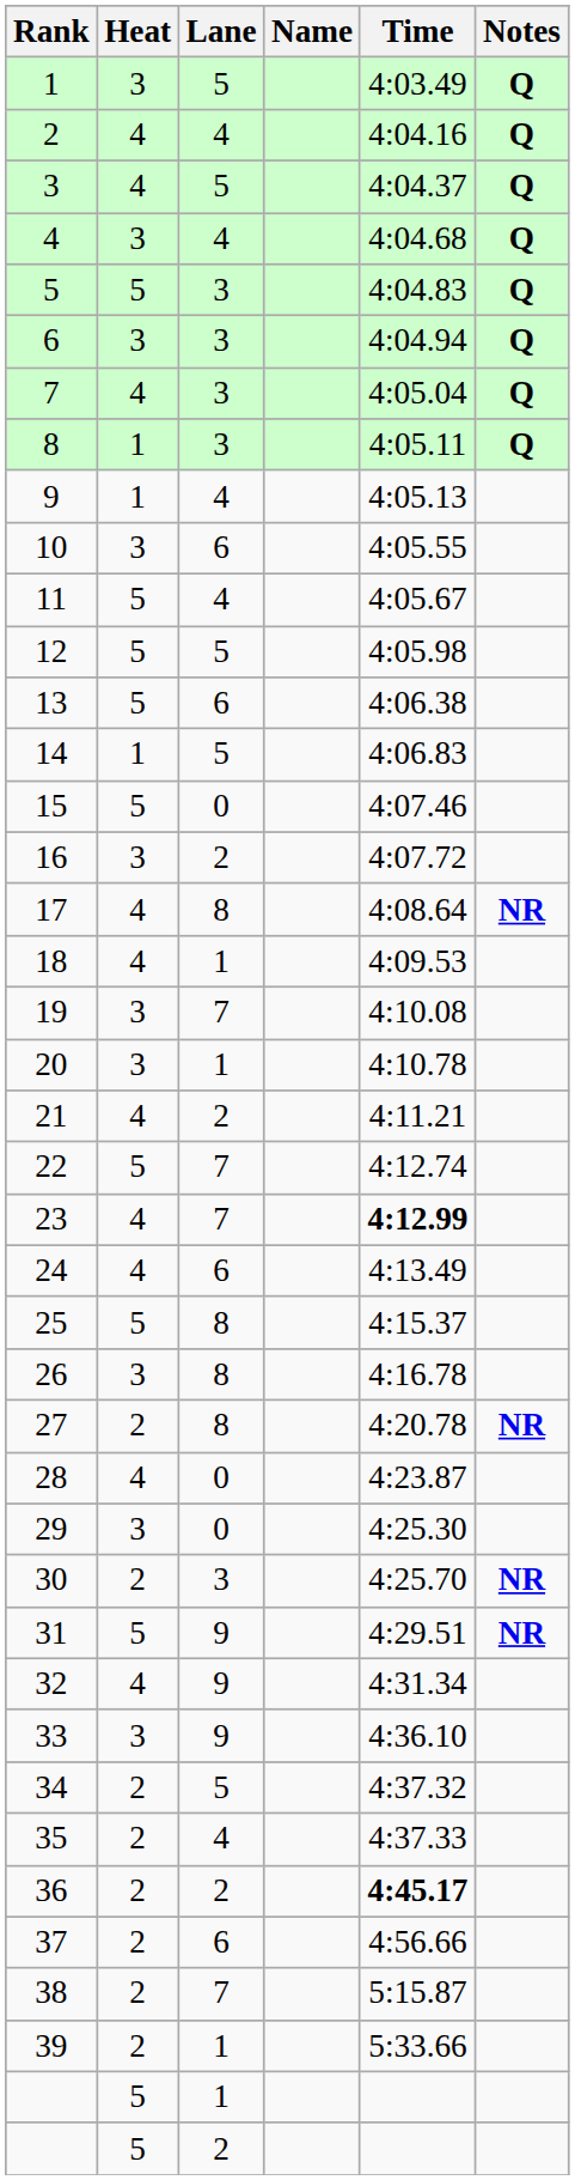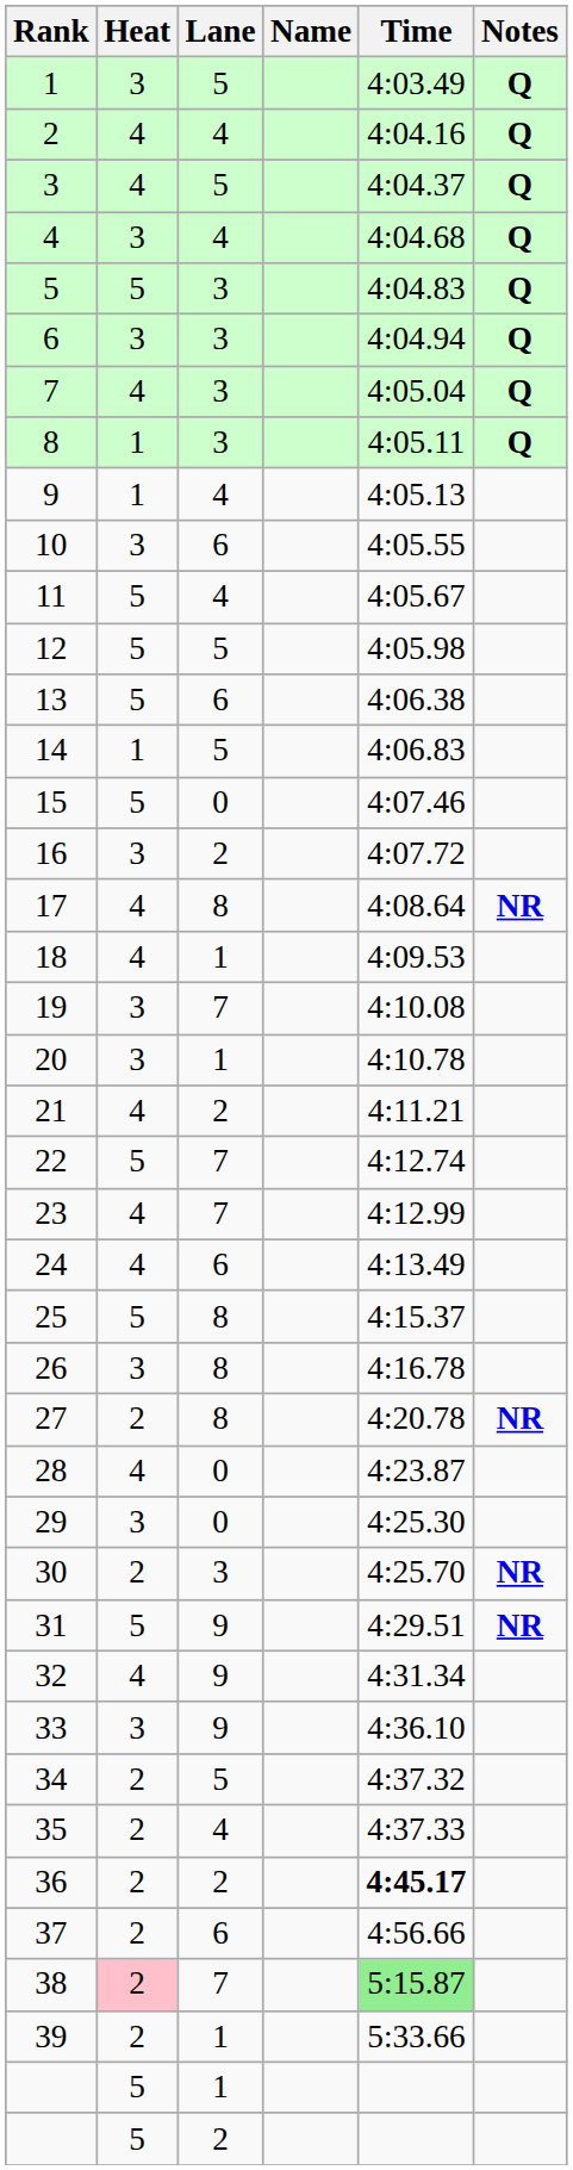 <table class="wikitable sortable" style="text-align:center">
 <tr>
 <th>Rank</th>
 <th>Heat</th>
 <th>Lane</th>
 <th>Name</th>
 <th>Time</th>
 <th>Notes</th>
 </tr>
 <tr bgcolor=ccffcc>
 <td>1</td>
 <td>3</td>
 <td>5</td>
 <td align=left></td>
 <td>4:03.49</td>
 <td><strong>Q</strong></td>
 </tr>
 <tr bgcolor=ccffcc>
 <td>2</td>
 <td>4</td>
 <td>4</td>
 <td align=left></td>
 <td>4:04.16</td>
 <td><strong>Q</strong></td>
 </tr>
 <tr bgcolor=ccffcc>
 <td>3</td>
 <td>4</td>
 <td>5</td>
 <td align=left></td>
 <td>4:04.37</td>
 <td><strong>Q</strong></td>
 </tr>
 <tr bgcolor=ccffcc>
 <td>4</td>
 <td>3</td>
 <td>4</td>
 <td align=left></td>
 <td>4:04.68</td>
 <td><strong>Q</strong></td>
 </tr>
 <tr bgcolor=ccffcc>
 <td>5</td>
 <td>5</td>
 <td>3</td>
 <td align=left></td>
 <td>4:04.83</td>
 <td><strong>Q</strong></td>
 </tr>
 <tr bgcolor=ccffcc>
 <td>6</td>
 <td>3</td>
 <td>3</td>
 <td align=left></td>
 <td>4:04.94</td>
 <td><strong>Q</strong></td>
 </tr>
 <tr bgcolor=ccffcc>
 <td>7</td>
 <td>4</td>
 <td>3</td>
 <td align=left></td>
 <td>4:05.04</td>
 <td><strong>Q</strong></td>
 </tr>
 <tr bgcolor=ccffcc>
 <td>8</td>
 <td>1</td>
 <td>3</td>
 <td align=left></td>
 <td>4:05.11</td>
 <td><strong>Q</strong></td>
 </tr>
 <tr>
 <td>9</td>
 <td>1</td>
 <td>4</td>
 <td align=left></td>
 <td>4:05.13</td>
 <td></td>
 </tr>
 <tr>
 <td>10</td>
 <td>3</td>
 <td>6</td>
 <td align=left></td>
 <td>4:05.55</td>
 <td></td>
 </tr>
 <tr>
 <td>11</td>
 <td>5</td>
 <td>4</td>
 <td align=left></td>
 <td>4:05.67</td>
 <td></td>
 </tr>
 <tr>
 <td>12</td>
 <td>5</td>
 <td>5</td>
 <td align=left></td>
 <td>4:05.98</td>
 <td></td>
 </tr>
 <tr>
 <td>13</td>
 <td>5</td>
 <td>6</td>
 <td align=left></td>
 <td>4:06.38</td>
 <td></td>
 </tr>
 <tr>
 <td>14</td>
 <td>1</td>
 <td>5</td>
 <td align=left></td>
 <td>4:06.83</td>
 <td></td>
 </tr>
 <tr>
 <td>15</td>
 <td>5</td>
 <td>0</td>
 <td align=left></td>
 <td>4:07.46</td>
 <td></td>
 </tr>
 <tr>
 <td>16</td>
 <td>3</td>
 <td>2</td>
 <td align=left></td>
 <td>4:07.72</td>
 <td></td>
 </tr>
 <tr>
 <td>17</td>
 <td>4</td>
 <td>8</td>
 <td align=left></td>
 <td>4:08.64</td>
 <td><strong><a href='#'>NR</a></strong></td>
 </tr>
 <tr>
 <td>18</td>
 <td>4</td>
 <td>1</td>
 <td align=left></td>
 <td>4:09.53</td>
 <td></td>
 </tr>
 <tr>
 <td>19</td>
 <td>3</td>
 <td>7</td>
 <td align=left></td>
 <td>4:10.08</td>
 <td></td>
 </tr>
 <tr>
 <td>20</td>
 <td>3</td>
 <td>1</td>
 <td align=left></td>
 <td>4:10.78</td>
 <td></td>
 </tr>
 <tr>
 <td>21</td>
 <td>4</td>
 <td>2</td>
 <td align=left></td>
 <td>4:11.21</td>
 <td></td>
 </tr>
 <tr>
 <td>22</td>
 <td>5</td>
 <td>7</td>
 <td align=left></td>
 <td>4:12.74</td>
 <td></td>
 </tr>
 <tr>
 <td>23</td>
 <td>4</td>
 <td>7</td>
 <td align=left></td>
-<td><strong>4:12.99</strong></td>
+<td>4:12.99</td>
 <td></td>
 </tr>
 <tr>
 <td>24</td>
 <td>4</td>
 <td>6</td>
 <td align=left></td>
 <td>4:13.49</td>
 <td></td>
 </tr>
 <tr>
 <td>25</td>
 <td>5</td>
 <td>8</td>
 <td align=left></td>
 <td>4:15.37</td>
 <td></td>
 </tr>
 <tr>
 <td>26</td>
 <td>3</td>
 <td>8</td>
 <td align=left></td>
 <td>4:16.78</td>
 <td></td>
 </tr>
 <tr>
 <td>27</td>
 <td>2</td>
 <td>8</td>
 <td align=left></td>
 <td>4:20.78</td>
 <td><strong><a href='#'>NR</a></strong></td>
 </tr>
 <tr>
 <td>28</td>
 <td>4</td>
 <td>0</td>
 <td align=left></td>
 <td>4:23.87</td>
 <td></td>
 </tr>
 <tr>
 <td>29</td>
 <td>3</td>
 <td>0</td>
 <td align=left></td>
 <td>4:25.30</td>
 <td></td>
 </tr>
 <tr>
 <td>30</td>
 <td>2</td>
 <td>3</td>
 <td align=left></td>
 <td>4:25.70</td>
 <td><strong><a href='#'>NR</a></strong></td>
 </tr>
 <tr>
 <td>31</td>
 <td>5</td>
 <td>9</td>
 <td align=left></td>
 <td>4:29.51</td>
 <td><strong><a href='#'>NR</a></strong></td>
 </tr>
 <tr>
 <td>32</td>
 <td>4</td>
 <td>9</td>
 <td align=left></td>
 <td>4:31.34</td>
 <td></td>
 </tr>
 <tr>
 <td>33</td>
 <td>3</td>
 <td>9</td>
 <td align=left></td>
 <td>4:36.10</td>
 <td></td>
 </tr>
 <tr>
 <td>34</td>
 <td>2</td>
 <td>5</td>
 <td align=left></td>
 <td>4:37.32</td>
 <td></td>
 </tr>
 <tr>
 <td>35</td>
 <td>2</td>
 <td>4</td>
 <td align=left></td>
 <td>4:37.33</td>
 <td></td>
 </tr>
 <tr>
 <td>36</td>
 <td>2</td>
 <td>2</td>
 <td align=left></td>
 <td><strong>4:45.17</strong></td>
 <td></td>
 </tr>
 <tr>
 <td>37</td>
 <td>2</td>
 <td>6</td>
 <td align=left></td>
 <td>4:56.66</td>
 <td></td>
 </tr>
 <tr>
 <td>38</td>
-<td>2</td>
+<td style="background: pink;">2</td>
 <td>7</td>
 <td align=left></td>
-<td>5:15.87</td>
+<td style="background: lightgreen;">5:15.87</td>
 <td></td>
 </tr>
 <tr>
 <td>39</td>
 <td>2</td>
 <td>1</td>
 <td align=left></td>
 <td>5:33.66</td>
 <td></td>
 </tr>
 <tr>
 <td></td>
 <td>5</td>
 <td>1</td>
 <td align=left></td>
 <td></td>
 <td></td>
 </tr>
 <tr>
 <td></td>
 <td>5</td>
 <td>2</td>
 <td align=left></td>
 <td></td>
 <td></td>
 </tr>
 </table>
